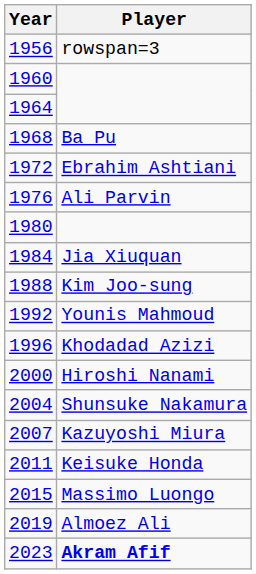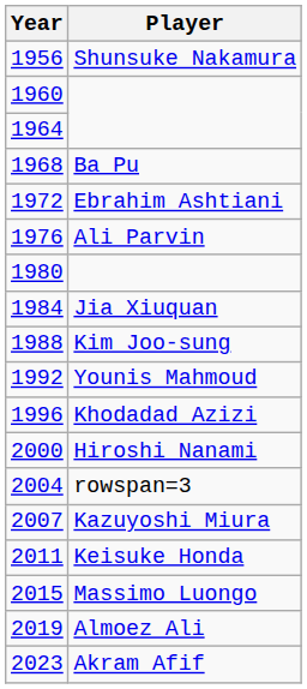 <table class="wikitable sortable">
 <tr>
 <th>Year</th>
 <th>Player</th>
 </tr>
 <tr>
 <td><a href='#'>1956</a></td>
-<td>rowspan=3 </td>
+<td> <a href='#'>Shunsuke Nakamura</a></td>
 </tr>
 <tr>
 <td><a href='#'>1960</a></td>
 </tr>
 <tr>
 <td><a href='#'>1964</a></td>
 </tr>
 <tr>
 <td><a href='#'>1968</a></td>
 <td> <a href='#'>Ba Pu</a></td>
 </tr>
 <tr>
 <td><a href='#'>1972</a></td>
 <td> <a href='#'>Ebrahim Ashtiani</a></td>
 </tr>
 <tr>
 <td><a href='#'>1976</a></td>
 <td> <a href='#'>Ali Parvin</a></td>
 </tr>
 <tr>
 <td><a href='#'>1980</a></td>
 <td></td>
 </tr>
 <tr>
 <td><a href='#'>1984</a></td>
 <td> <a href='#'>Jia Xiuquan</a></td>
 </tr>
 <tr>
 <td><a href='#'>1988</a></td>
 <td> <a href='#'>Kim Joo-sung</a></td>
 </tr>
 <tr>
 <td><a href='#'>1992</a></td>
 <td> <a href='#'>Younis Mahmoud</a></td>
 </tr>
 <tr>
 <td><a href='#'>1996</a></td>
 <td> <a href='#'>Khodadad Azizi</a></td>
 </tr>
 <tr>
 <td><a href='#'>2000</a></td>
 <td> <a href='#'>Hiroshi Nanami</a></td>
 </tr>
 <tr>
 <td><a href='#'>2004</a></td>
-<td> <a href='#'>Shunsuke Nakamura</a></td>
+<td>rowspan=3 </td>
 </tr>
 <tr>
 <td><a href='#'>2007</a></td>
 <td> <a href='#'>Kazuyoshi Miura</a></td>
 </tr>
 <tr>
 <td><a href='#'>2011</a></td>
 <td> <a href='#'>Keisuke Honda</a></td>
 </tr>
 <tr>
 <td><a href='#'>2015</a></td>
 <td> <a href='#'>Massimo Luongo</a></td>
 </tr>
 <tr>
 <td><a href='#'>2019</a></td>
 <td> <a href='#'>Almoez Ali</a></td>
 </tr>
 <tr>
 <td><a href='#'>2023</a></td>
-<td><strong> <a href='#'>Akram Afif</a></strong></td>
+<td> <a href='#'>Akram Afif</a></td>
 </tr>
 </table>
